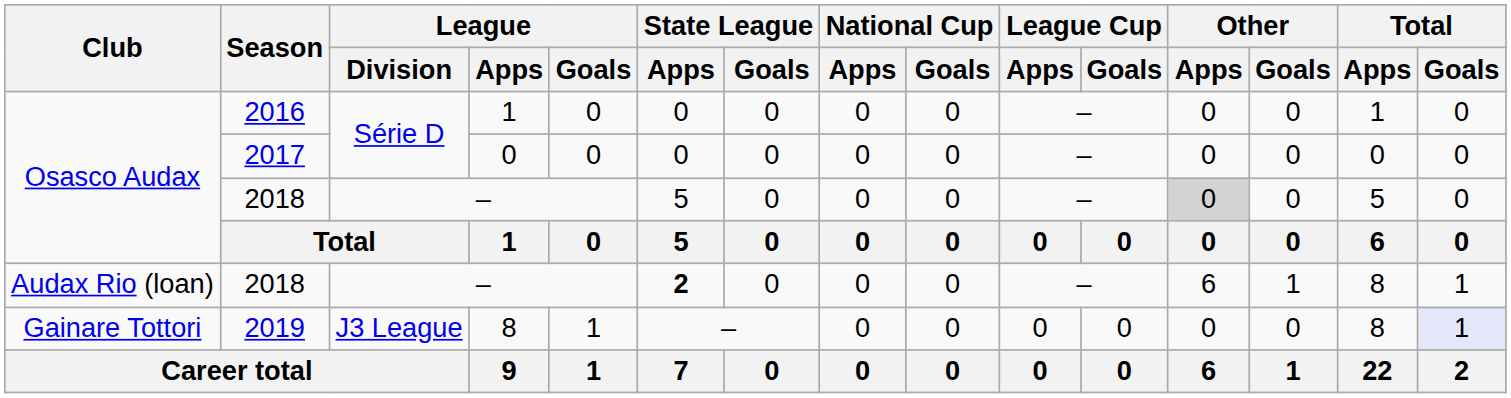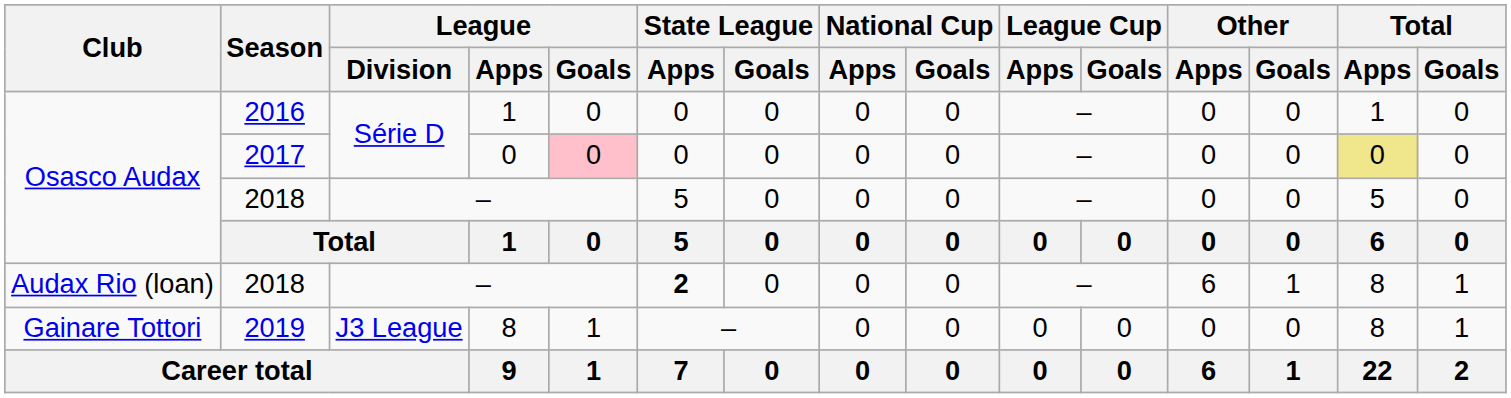 <table class="wikitable" style="text-align: center">
 <tr>
 <th rowspan="2">Club</th>
 <th rowspan="2">Season</th>
 <th colspan="3">League</th>
 <th colspan="2">State League</th>
 <th colspan="2">National Cup</th>
 <th colspan="2">League Cup</th>
 <th colspan="2">Other</th>
 <th colspan="2">Total</th>
 </tr>
 <tr>
 <th>Division</th>
 <th>Apps</th>
 <th>Goals</th>
 <th>Apps</th>
 <th>Goals</th>
 <th>Apps</th>
 <th>Goals</th>
 <th>Apps</th>
 <th>Goals</th>
 <th>Apps</th>
 <th>Goals</th>
 <th>Apps</th>
 <th>Goals</th>
 </tr>
 <tr>
 <td rowspan="4"><a href='#'>Osasco Audax</a></td>
 <td><a href='#'>2016</a></td>
 <td rowspan="2"><a href='#'>Série D</a></td>
 <td>1</td>
 <td>0</td>
 <td>0</td>
 <td>0</td>
 <td>0</td>
 <td>0</td>
 <td colspan="2">–</td>
 <td>0</td>
 <td>0</td>
 <td>1</td>
 <td>0</td>
 </tr>
 <tr>
 <td><a href='#'>2017</a></td>
 <td>0</td>
-<td>0</td>
+<td style="background: pink;">0</td>
 <td>0</td>
 <td>0</td>
 <td>0</td>
 <td>0</td>
 <td colspan="2">–</td>
 <td>0</td>
 <td>0</td>
-<td>0</td>
+<td style="background: khaki;">0</td>
 <td>0</td>
 </tr>
 <tr>
 <td>2018</td>
 <td colspan="3">–</td>
 <td>5</td>
 <td>0</td>
 <td>0</td>
 <td>0</td>
 <td colspan="2">–</td>
-<td style="background: lightgrey;">0</td>
+<td>0</td>
 <td>0</td>
 <td>5</td>
 <td>0</td>
 </tr>
 <tr>
 <th colspan="2"><strong>Total</strong></th>
 <th>1</th>
 <th>0</th>
 <th>5</th>
 <th>0</th>
 <th>0</th>
 <th>0</th>
 <th>0</th>
 <th>0</th>
 <th>0</th>
 <th>0</th>
 <th>6</th>
 <th>0</th>
 </tr>
 <tr>
 <td><a href='#'>Audax Rio</a> (loan)</td>
 <td>2018</td>
 <td colspan="3">–</td>
 <td><strong>2</strong></td>
 <td>0</td>
 <td>0</td>
 <td>0</td>
 <td colspan="2">–</td>
 <td>6</td>
 <td>1</td>
 <td>8</td>
 <td>1</td>
 </tr>
 <tr>
 <td><a href='#'>Gainare Tottori</a></td>
 <td><a href='#'>2019</a></td>
 <td><a href='#'>J3 League</a></td>
 <td>8</td>
 <td>1</td>
 <td colspan="2">–</td>
 <td>0</td>
 <td>0</td>
 <td>0</td>
 <td>0</td>
 <td>0</td>
 <td>0</td>
 <td>8</td>
-<td style="background: lavender;">1</td>
+<td>1</td>
 </tr>
 <tr>
 <th colspan="3"><strong>Career total</strong></th>
 <th>9</th>
 <th>1</th>
 <th>7</th>
 <th>0</th>
 <th>0</th>
 <th>0</th>
 <th>0</th>
 <th>0</th>
 <th>6</th>
 <th>1</th>
 <th>22</th>
 <th>2</th>
 </tr>
 </table>
